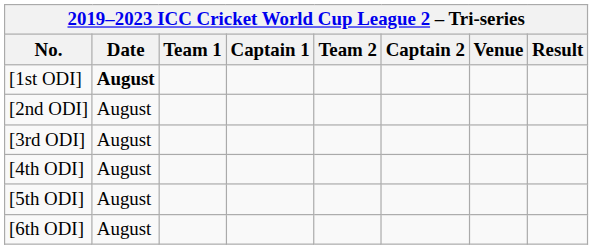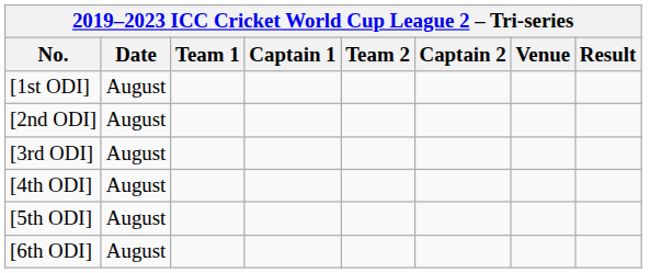 <table class="wikitable">
 <tr>
 <th colspan="9"><a href='#'>2019–2023 ICC Cricket World Cup League 2</a> – Tri-series</th>
 </tr>
 <tr>
 <th>No.</th>
 <th>Date</th>
 <th>Team 1</th>
 <th>Captain 1</th>
 <th>Team 2</th>
 <th>Captain 2</th>
 <th>Venue</th>
 <th>Result</th>
 </tr>
 <tr>
 <td>[1st ODI]</td>
-<td><strong>August</strong></td>
+<td>August</td>
 <td></td>
 <td></td>
 <td></td>
 <td></td>
 <td></td>
 <td></td>
 </tr>
 <tr>
 <td>[2nd ODI]</td>
 <td>August</td>
 <td></td>
 <td></td>
 <td></td>
 <td></td>
 <td></td>
 <td></td>
 </tr>
 <tr>
 <td>[3rd ODI]</td>
 <td>August</td>
 <td></td>
 <td></td>
 <td></td>
 <td></td>
 <td></td>
 <td></td>
 </tr>
 <tr>
 <td>[4th ODI]</td>
 <td>August</td>
 <td></td>
 <td></td>
 <td></td>
 <td></td>
 <td></td>
 <td></td>
 </tr>
 <tr>
 <td>[5th ODI]</td>
 <td>August</td>
 <td></td>
 <td></td>
 <td></td>
 <td></td>
 <td></td>
 <td></td>
 </tr>
 <tr>
 <td>[6th ODI]</td>
 <td>August</td>
 <td></td>
 <td></td>
 <td></td>
 <td></td>
 <td></td>
 <td></td>
 </tr>
 </table>
